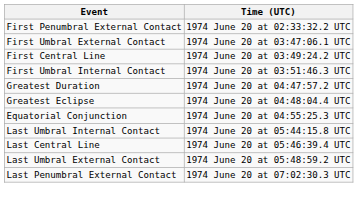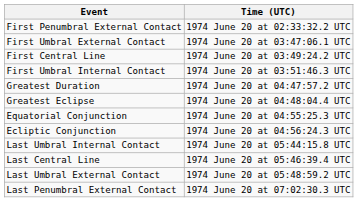 <table class="wikitable">
 <tr>
 <th>Event</th>
 <th>Time (UTC)</th>
 </tr>
 <tr>
 <td>First Penumbral External Contact</td>
 <td>1974 June 20 at 02:33:32.2 UTC</td>
 </tr>
 <tr>
 <td>First Umbral External Contact</td>
 <td>1974 June 20 at 03:47:06.1 UTC</td>
 </tr>
 <tr>
 <td>First Central Line</td>
 <td>1974 June 20 at 03:49:24.2 UTC</td>
 </tr>
 <tr>
 <td>First Umbral Internal Contact</td>
 <td>1974 June 20 at 03:51:46.3 UTC</td>
 </tr>
 <tr>
 <td>Greatest Duration</td>
 <td>1974 June 20 at 04:47:57.2 UTC</td>
 </tr>
 <tr>
 <td>Greatest Eclipse</td>
 <td>1974 June 20 at 04:48:04.4 UTC</td>
 </tr>
 <tr>
 <td>Equatorial Conjunction</td>
 <td>1974 June 20 at 04:55:25.3 UTC</td>
 </tr>
 <tr>
+<td>Ecliptic Conjunction</td>
+<td>1974 June 20 at 04:56:24.3 UTC</td>
+</tr>
+<tr>
 <td>Last Umbral Internal Contact</td>
 <td>1974 June 20 at 05:44:15.8 UTC</td>
 </tr>
 <tr>
 <td>Last Central Line</td>
 <td>1974 June 20 at 05:46:39.4 UTC</td>
 </tr>
 <tr>
 <td>Last Umbral External Contact</td>
 <td>1974 June 20 at 05:48:59.2 UTC</td>
 </tr>
 <tr>
 <td>Last Penumbral External Contact</td>
 <td>1974 June 20 at 07:02:30.3 UTC</td>
 </tr>
 </table>
